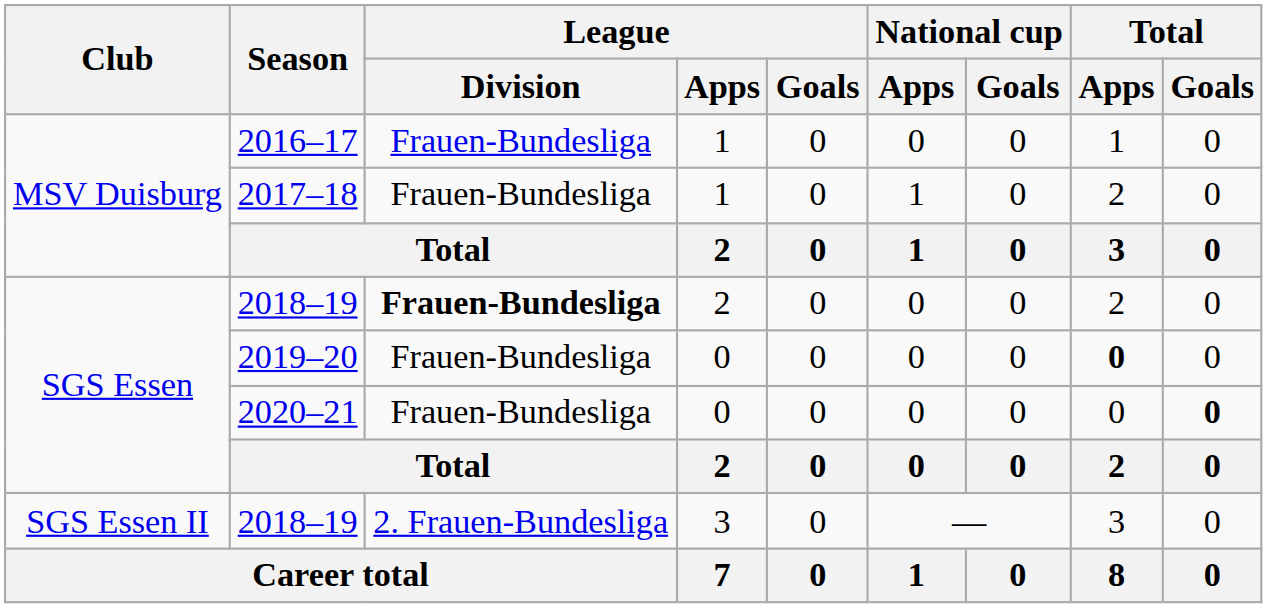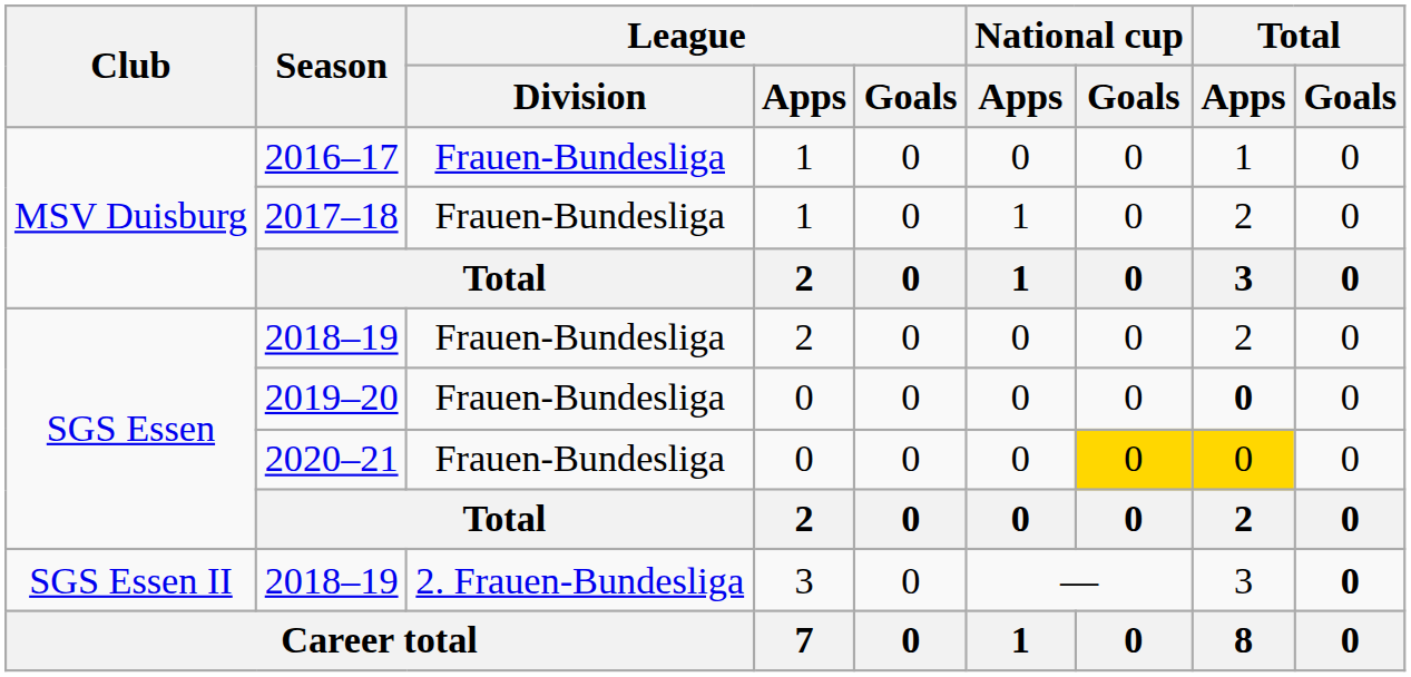 <table class="wikitable" style="text-align:center">
 <tr>
 <th rowspan="2">Club</th>
 <th rowspan="2">Season</th>
 <th colspan="3">League</th>
 <th colspan="2">National cup</th>
 <th colspan="2">Total</th>
 </tr>
 <tr>
 <th>Division</th>
 <th>Apps</th>
 <th>Goals</th>
 <th>Apps</th>
 <th>Goals</th>
 <th>Apps</th>
 <th>Goals</th>
 </tr>
 <tr>
 <td rowspan="3"><a href='#'>MSV Duisburg</a></td>
 <td><a href='#'>2016–17</a></td>
 <td><a href='#'>Frauen-Bundesliga</a></td>
 <td>1</td>
 <td>0</td>
 <td>0</td>
 <td>0</td>
 <td>1</td>
 <td>0</td>
 </tr>
 <tr>
 <td><a href='#'>2017–18</a></td>
 <td>Frauen-Bundesliga</td>
 <td>1</td>
 <td>0</td>
 <td>1</td>
 <td>0</td>
 <td>2</td>
 <td>0</td>
 </tr>
 <tr>
 <th colspan="2">Total</th>
 <th>2</th>
 <th>0</th>
 <th>1</th>
 <th>0</th>
 <th>3</th>
 <th>0</th>
 </tr>
 <tr>
 <td rowspan="4"><a href='#'>SGS Essen</a></td>
 <td><a href='#'>2018–19</a></td>
-<td><strong>Frauen-Bundesliga</strong></td>
+<td>Frauen-Bundesliga</td>
 <td>2</td>
 <td>0</td>
 <td>0</td>
 <td>0</td>
 <td>2</td>
 <td>0</td>
 </tr>
 <tr>
 <td><a href='#'>2019–20</a></td>
 <td>Frauen-Bundesliga</td>
 <td>0</td>
 <td>0</td>
 <td>0</td>
 <td>0</td>
 <td><strong>0</strong></td>
 <td>0</td>
 </tr>
 <tr>
 <td><a href='#'>2020–21</a></td>
 <td>Frauen-Bundesliga</td>
 <td>0</td>
 <td>0</td>
 <td>0</td>
+<td style="background: gold;">0</td>
+<td style="background: gold;">0</td>
 <td>0</td>
-<td>0</td>
-<td><strong>0</strong></td>
 </tr>
 <tr>
 <th colspan="2">Total</th>
 <th>2</th>
 <th>0</th>
 <th>0</th>
 <th>0</th>
 <th>2</th>
 <th>0</th>
 </tr>
 <tr>
 <td><a href='#'>SGS Essen II</a></td>
 <td><a href='#'>2018–19</a></td>
 <td><a href='#'>2. Frauen-Bundesliga</a></td>
 <td>3</td>
 <td>0</td>
 <td colspan="2">—</td>
 <td>3</td>
-<td>0</td>
+<td><strong>0</strong></td>
 </tr>
 <tr>
 <th colspan="3">Career total</th>
 <th>7</th>
 <th>0</th>
 <th>1</th>
 <th>0</th>
 <th>8</th>
 <th>0</th>
 </tr>
 </table>
